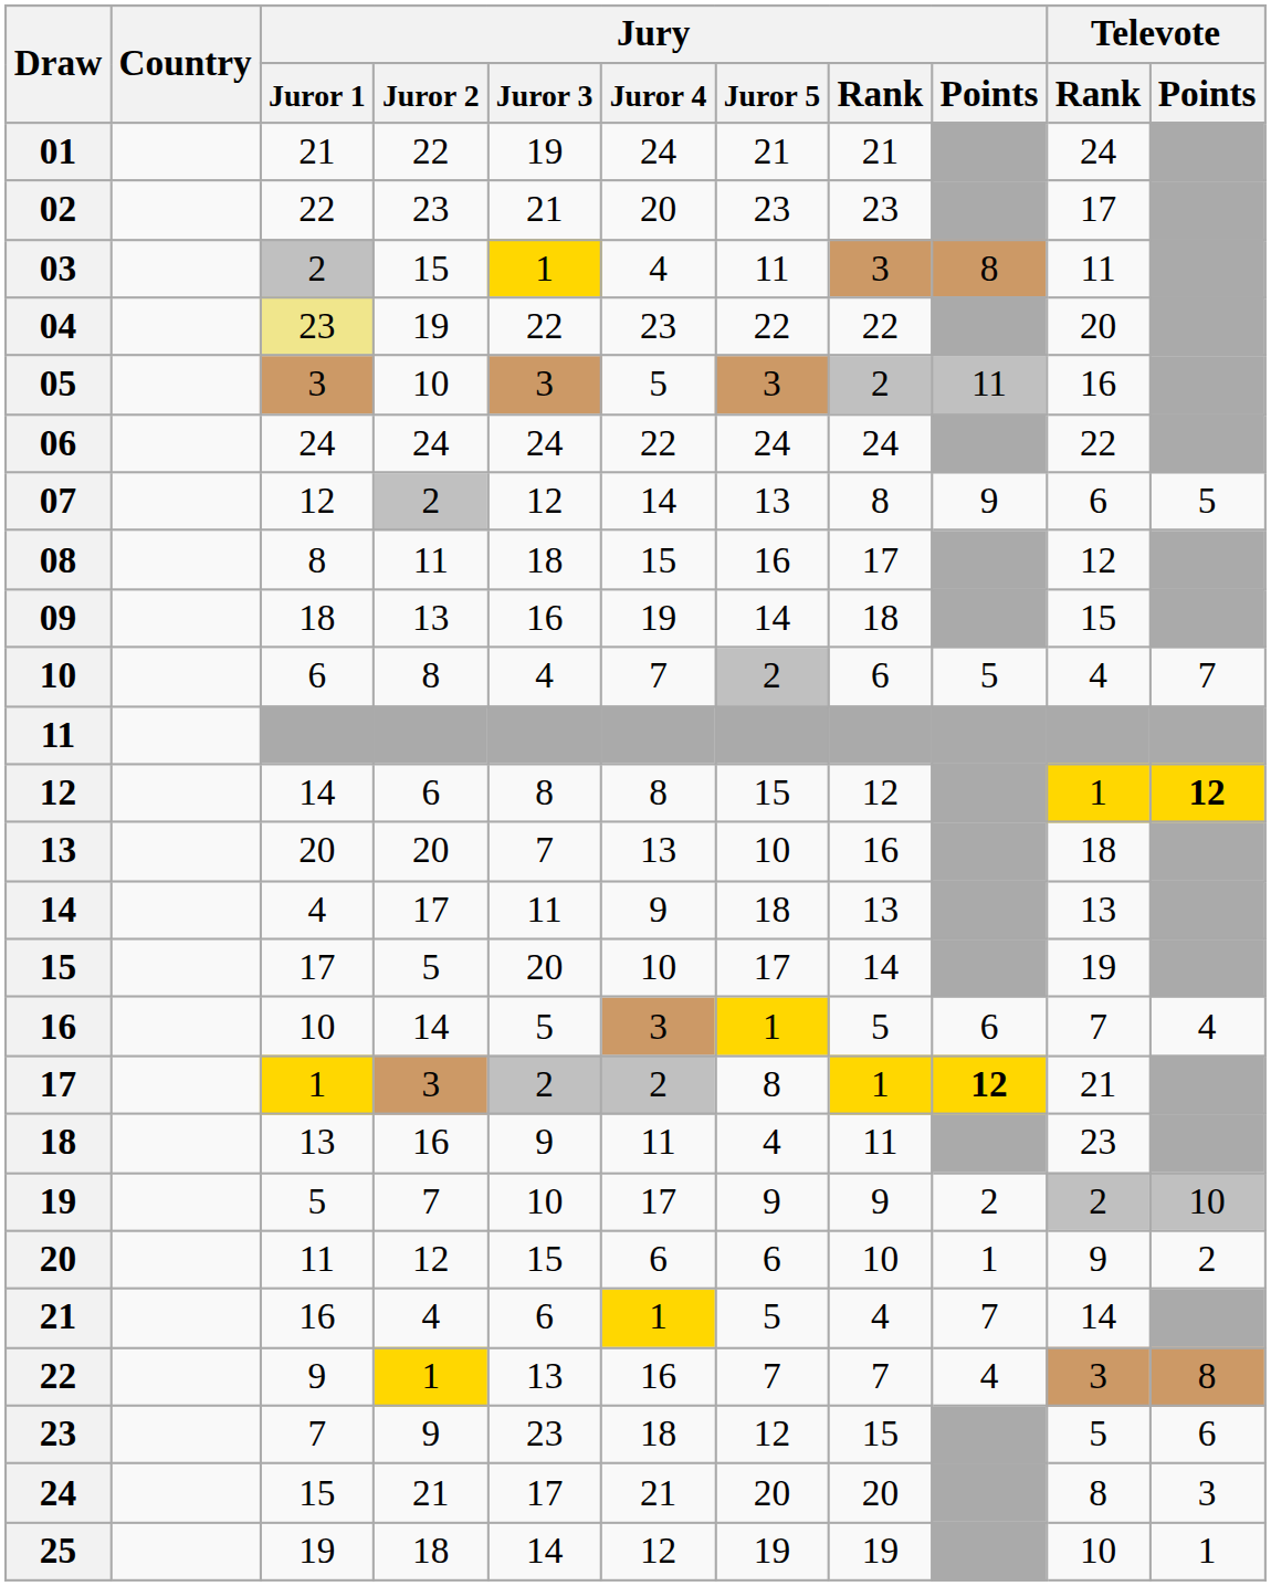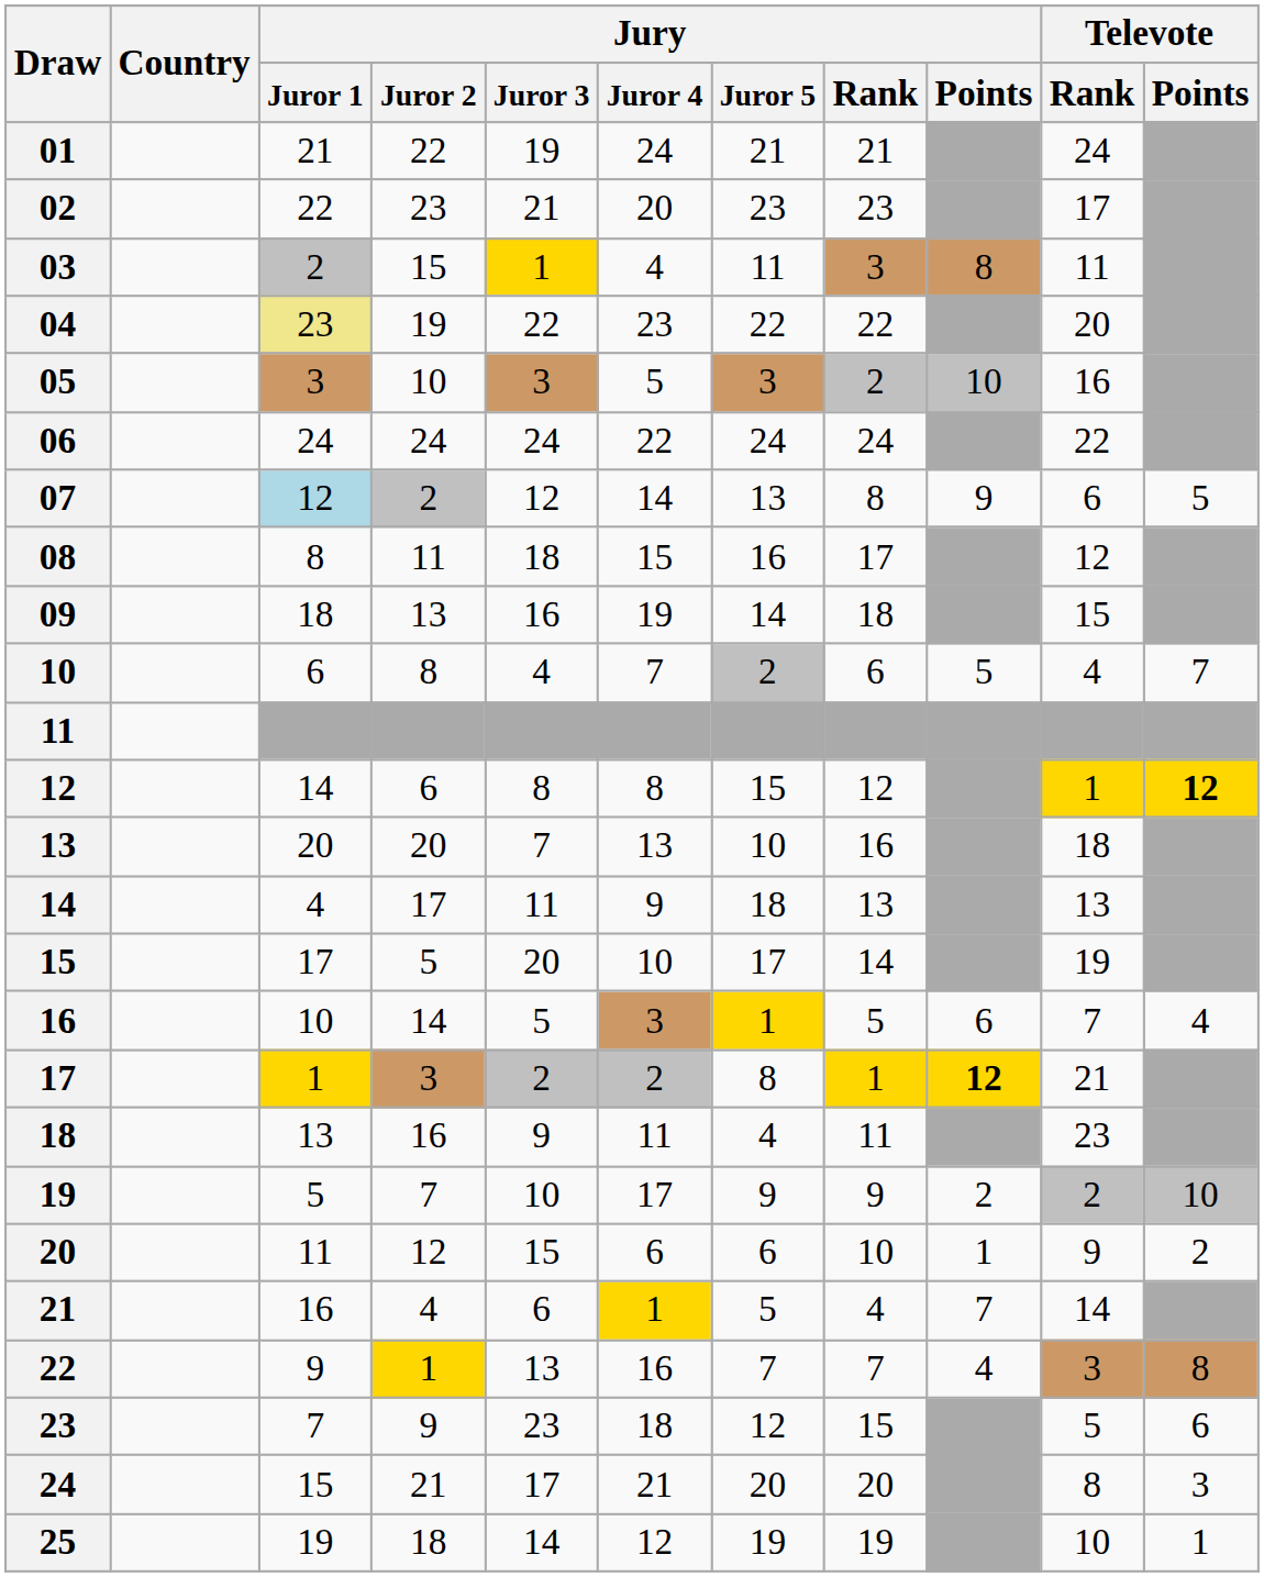 <table class="sortable wikitable collapsible plainrowheaders" style="text-align:center;">
 <tr>
 </tr>
 <tr>
 <th scope="col" rowspan="2">Draw</th>
 <th scope="col" rowspan="2">Country</th>
 <th scope="col" colspan="7">Jury</th>
 <th scope="col" colspan="2">Televote</th>
 </tr>
 <tr>
 <th scope="col"><small>Juror 1</small></th>
 <th scope="col"><small>Juror 2</small></th>
 <th scope="col"><small>Juror 3</small></th>
 <th scope="col"><small>Juror 4</small></th>
 <th scope="col"><small>Juror 5</small></th>
 <th scope="col">Rank</th>
 <th scope="col">Points</th>
 <th scope="col">Rank</th>
 <th scope="col">Points</th>
 </tr>
 <tr>
 <th scope="row" style="text-align:center;">01</th>
 <td style="text-align:left;"></td>
 <td>21</td>
 <td>22</td>
 <td>19</td>
 <td>24</td>
 <td>21</td>
 <td>21</td>
 <td style="background:#AAAAAA;"></td>
 <td>24</td>
 <td style="background:#AAAAAA;"></td>
 </tr>
 <tr>
 <th scope="row" style="text-align:center;">02</th>
 <td style="text-align:left;"></td>
 <td>22</td>
 <td>23</td>
 <td>21</td>
 <td>20</td>
 <td>23</td>
 <td>23</td>
 <td style="background:#AAAAAA;"></td>
 <td>17</td>
 <td style="background:#AAAAAA;"></td>
 </tr>
 <tr>
 <th scope="row" style="text-align:center;">03</th>
 <td style="text-align:left;"></td>
 <td style="background:silver;">2</td>
 <td>15</td>
 <td style="background:gold;">1</td>
 <td>4</td>
 <td>11</td>
 <td style="background:#CC9966;">3</td>
 <td style="background:#CC9966;">8</td>
 <td>11</td>
 <td style="background:#AAAAAA;"></td>
 </tr>
 <tr>
 <th scope="row" style="text-align:center;">04</th>
 <td style="text-align:left;"></td>
 <td style="background: khaki;">23</td>
 <td>19</td>
 <td>22</td>
 <td>23</td>
 <td>22</td>
 <td>22</td>
 <td style="background:#AAAAAA;"></td>
 <td>20</td>
 <td style="background:#AAAAAA;"></td>
 </tr>
 <tr>
 <th scope="row" style="text-align:center;">05</th>
 <td style="text-align:left;"></td>
 <td style="background:#CC9966;">3</td>
 <td>10</td>
 <td style="background:#CC9966;">3</td>
 <td>5</td>
 <td style="background:#CC9966;">3</td>
 <td style="background:silver;">2</td>
-<td style="background:silver;">11</td>
+<td style="background:silver;">10</td>
 <td>16</td>
 <td style="background:#AAAAAA;"></td>
 </tr>
 <tr>
 <th scope="row" style="text-align:center;">06</th>
 <td style="text-align:left;"></td>
 <td>24</td>
 <td>24</td>
 <td>24</td>
 <td>22</td>
 <td>24</td>
 <td>24</td>
 <td style="background:#AAAAAA;"></td>
 <td>22</td>
 <td style="background:#AAAAAA;"></td>
 </tr>
 <tr>
 <th scope="row" style="text-align:center;">07</th>
 <td style="text-align:left;"></td>
-<td>12</td>
+<td style="background: lightblue;">12</td>
 <td style="background:silver;">2</td>
 <td>12</td>
 <td>14</td>
 <td>13</td>
 <td>8</td>
 <td>9</td>
 <td>6</td>
 <td>5</td>
 </tr>
 <tr>
 <th scope="row" style="text-align:center;">08</th>
 <td style="text-align:left;"></td>
 <td>8</td>
 <td>11</td>
 <td>18</td>
 <td>15</td>
 <td>16</td>
 <td>17</td>
 <td style="background:#AAAAAA;"></td>
 <td>12</td>
 <td style="background:#AAAAAA;"></td>
 </tr>
 <tr>
 <th scope="row" style="text-align:center;">09</th>
 <td style="text-align:left;"></td>
 <td>18</td>
 <td>13</td>
 <td>16</td>
 <td>19</td>
 <td>14</td>
 <td>18</td>
 <td style="background:#AAAAAA;"></td>
 <td>15</td>
 <td style="background:#AAAAAA;"></td>
 </tr>
 <tr>
 <th scope="row" style="text-align:center;">10</th>
 <td style="text-align:left;"></td>
 <td>6</td>
 <td>8</td>
 <td>4</td>
 <td>7</td>
 <td style="background:silver;">2</td>
 <td>6</td>
 <td>5</td>
 <td>4</td>
 <td>7</td>
 </tr>
 <tr class="sortbottom">
 <th scope="row" style="text-align:center;">11</th>
 <td style="text-align:left;"></td>
 <td style="background:#AAAAAA;"></td>
 <td style="background:#AAAAAA;"></td>
 <td style="background:#AAAAAA;"></td>
 <td style="background:#AAAAAA;"></td>
 <td style="background:#AAAAAA;"></td>
 <td style="background:#AAAAAA;"></td>
 <td style="background:#AAAAAA;"></td>
 <td style="background:#AAAAAA;"></td>
 <td style="background:#AAAAAA;"></td>
 </tr>
 <tr>
 <th scope="row" style="text-align:center;">12</th>
 <td style="text-align:left;"></td>
 <td>14</td>
 <td>6</td>
 <td>8</td>
 <td>8</td>
 <td>15</td>
 <td>12</td>
 <td style="background:#AAAAAA;"></td>
 <td style="background:gold;">1</td>
 <td style="background:gold;"><strong>12</strong></td>
 </tr>
 <tr>
 <th scope="row" style="text-align:center;">13</th>
 <td style="text-align:left;"></td>
 <td>20</td>
 <td>20</td>
 <td>7</td>
 <td>13</td>
 <td>10</td>
 <td>16</td>
 <td style="background:#AAAAAA;"></td>
 <td>18</td>
 <td style="background:#AAAAAA;"></td>
 </tr>
 <tr>
 <th scope="row" style="text-align:center;">14</th>
 <td style="text-align:left;"></td>
 <td>4</td>
 <td>17</td>
 <td>11</td>
 <td>9</td>
 <td>18</td>
 <td>13</td>
 <td style="background:#AAAAAA;"></td>
 <td>13</td>
 <td style="background:#AAAAAA;"></td>
 </tr>
 <tr>
 <th scope="row" style="text-align:center;">15</th>
 <td style="text-align:left;"></td>
 <td>17</td>
 <td>5</td>
 <td>20</td>
 <td>10</td>
 <td>17</td>
 <td>14</td>
 <td style="background:#AAAAAA;"></td>
 <td>19</td>
 <td style="background:#AAAAAA;"></td>
 </tr>
 <tr>
 <th scope="row" style="text-align:center;">16</th>
 <td style="text-align:left;"></td>
 <td>10</td>
 <td>14</td>
 <td>5</td>
 <td style="background:#CC9966;">3</td>
 <td style="background:gold;">1</td>
 <td>5</td>
 <td>6</td>
 <td>7</td>
 <td>4</td>
 </tr>
 <tr>
 <th scope="row" style="text-align:center;">17</th>
 <td style="text-align:left;"></td>
 <td style="background:gold;">1</td>
 <td style="background:#CC9966;">3</td>
 <td style="background:silver;">2</td>
 <td style="background:silver;">2</td>
 <td>8</td>
 <td style="background:gold;">1</td>
 <td style="background:gold;"><strong>12</strong></td>
 <td>21</td>
 <td style="background:#AAAAAA;"></td>
 </tr>
 <tr>
 <th scope="row" style="text-align:center;">18</th>
 <td style="text-align:left;"></td>
 <td>13</td>
 <td>16</td>
 <td>9</td>
 <td>11</td>
 <td>4</td>
 <td>11</td>
 <td style="background:#AAAAAA;"></td>
 <td>23</td>
 <td style="background:#AAAAAA;"></td>
 </tr>
 <tr>
 <th scope="row" style="text-align:center;">19</th>
 <td style="text-align:left;"></td>
 <td>5</td>
 <td>7</td>
 <td>10</td>
 <td>17</td>
 <td>9</td>
 <td>9</td>
 <td>2</td>
 <td style="background:silver;">2</td>
 <td style="background:silver;">10</td>
 </tr>
 <tr>
 <th scope="row" style="text-align:center;">20</th>
 <td style="text-align:left;"></td>
 <td>11</td>
 <td>12</td>
 <td>15</td>
 <td>6</td>
 <td>6</td>
 <td>10</td>
 <td>1</td>
 <td>9</td>
 <td>2</td>
 </tr>
 <tr>
 <th scope="row" style="text-align:center;">21</th>
 <td style="text-align:left;"></td>
 <td>16</td>
 <td>4</td>
 <td>6</td>
 <td style="background:gold;">1</td>
 <td>5</td>
 <td>4</td>
 <td>7</td>
 <td>14</td>
 <td style="background:#AAAAAA;"></td>
 </tr>
 <tr>
 <th scope="row" style="text-align:center;">22</th>
 <td style="text-align:left;"></td>
 <td>9</td>
 <td style="background:gold;">1</td>
 <td>13</td>
 <td>16</td>
 <td>7</td>
 <td>7</td>
 <td>4</td>
 <td style="background:#CC9966;">3</td>
 <td style="background:#CC9966;">8</td>
 </tr>
 <tr>
 <th scope="row" style="text-align:center;">23</th>
 <td style="text-align:left;"></td>
 <td>7</td>
 <td>9</td>
 <td>23</td>
 <td>18</td>
 <td>12</td>
 <td>15</td>
 <td style="background:#AAAAAA;"></td>
 <td>5</td>
 <td>6</td>
 </tr>
 <tr>
 <th scope="row" style="text-align:center;">24</th>
 <td style="text-align:left;"></td>
 <td>15</td>
 <td>21</td>
 <td>17</td>
 <td>21</td>
 <td>20</td>
 <td>20</td>
 <td style="background:#AAAAAA;"></td>
 <td>8</td>
 <td>3</td>
 </tr>
 <tr>
 <th scope="row" style="text-align:center;">25</th>
 <td style="text-align:left;"></td>
 <td>19</td>
 <td>18</td>
 <td>14</td>
 <td>12</td>
 <td>19</td>
 <td>19</td>
 <td style="background:#AAAAAA;"></td>
 <td>10</td>
 <td>1</td>
 </tr>
 </table>
